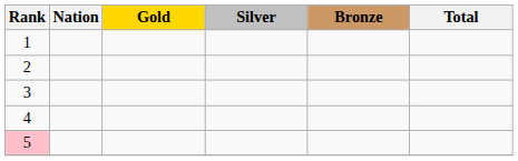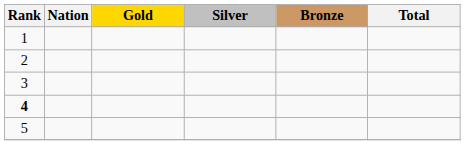 <table class="wikitable sortable plainrowheaders" style="text-align: center">
 <tr>
 <th scope="col">Rank</th>
 <th scope="col">Nation</th>
 <th scope="col" style="background-color:gold; width:6em;">Gold</th>
 <th scope="col" style="background-color:silver; width:6em;">Silver</th>
 <th scope="col" style="background-color:#cc9966; width:6em;">Bronze</th>
 <th scope="col" style="width:6em;">Total</th>
 </tr>
 <tr>
 <td>1</td>
 <td align=left></td>
 <td></td>
 <td></td>
 <td></td>
 <td></td>
 </tr>
 <tr>
 <td>2</td>
 <td align=left></td>
 <td></td>
 <td></td>
 <td></td>
 <td></td>
 </tr>
 <tr>
 <td>3</td>
 <td align=left></td>
 <td></td>
 <td></td>
 <td></td>
 <td></td>
 </tr>
 <tr>
-<td>4</td>
+<td><strong>4</strong></td>
 <td align=left></td>
 <td></td>
 <td></td>
 <td></td>
 <td></td>
 </tr>
 <tr>
-<td style="background: pink;">5</td>
+<td>5</td>
 <td align=left></td>
 <td></td>
 <td></td>
 <td></td>
 <td></td>
 </tr>
 <tr>
 </tr>
 </table>
